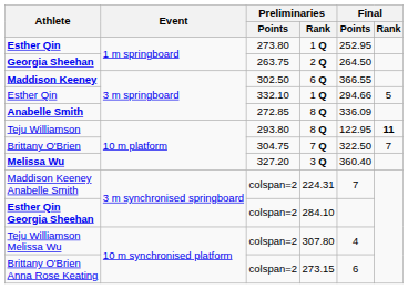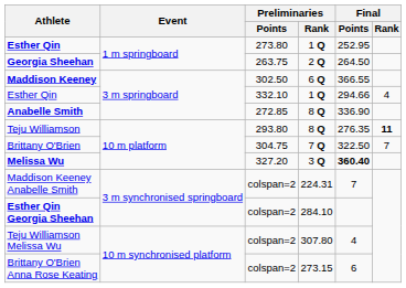 <table class=wikitable style=font-size:90%;text-align:center>
 <tr>
 <th rowspan=2>Athlete</th>
 <th rowspan=2>Event</th>
 <th colspan=2>Preliminaries</th>
 <th colspan=2>Final</th>
 </tr>
 <tr style=font-size:95%>
 <th>Points</th>
 <th>Rank</th>
 <th>Points</th>
 <th>Rank</th>
 </tr>
 <tr>
 <td align=left><strong><a href='#'>Esther Qin</a></strong></td>
 <td align=left rowspan=2><a href='#'>1 m springboard</a></td>
 <td>273.80</td>
 <td>1 <strong>Q</strong></td>
 <td>252.95</td>
 <td></td>
 </tr>
 <tr>
 <td align=left><strong><a href='#'>Georgia Sheehan</a></strong></td>
 <td>263.75</td>
 <td>2 <strong>Q</strong></td>
 <td>264.50</td>
 <td></td>
 </tr>
 <tr>
 <td align=left><strong><a href='#'>Maddison Keeney</a></strong></td>
 <td align=left rowspan=3><a href='#'>3 m springboard</a></td>
 <td>302.50</td>
 <td>6 <strong>Q</strong></td>
 <td>366.55</td>
 <td></td>
 </tr>
 <tr>
 <td align=left><a href='#'>Esther Qin</a></td>
 <td>332.10</td>
 <td>1 <strong>Q</strong></td>
 <td>294.66</td>
-<td>5</td>
+<td>4</td>
 </tr>
 <tr>
 <td align=left><strong><a href='#'>Anabelle Smith</a></strong></td>
 <td>272.85</td>
 <td>8 <strong>Q</strong></td>
-<td>336.09</td>
+<td>336.90</td>
 <td></td>
 </tr>
 <tr>
 <td align=left><a href='#'>Teju Williamson</a></td>
 <td align=left rowspan=3><a href='#'>10 m platform</a></td>
 <td>293.80</td>
 <td>8 <strong>Q</strong></td>
-<td>122.95</td>
+<td>276.35</td>
 <td><strong>11</strong></td>
 </tr>
 <tr>
 <td align=left><a href='#'>Brittany O'Brien</a></td>
 <td>304.75</td>
 <td>7 <strong>Q</strong></td>
 <td>322.50</td>
 <td>7</td>
 </tr>
 <tr>
 <td align=left><strong><a href='#'>Melissa Wu</a></strong></td>
 <td>327.20</td>
 <td>3 <strong>Q</strong></td>
-<td>360.40</td>
+<td><strong>360.40</strong></td>
 <td></td>
 </tr>
 <tr>
 <td align=left><a href='#'>Maddison Keeney</a><br><a href='#'>Anabelle Smith</a></td>
 <td align=left rowspan=2><a href='#'>3 m synchronised springboard</a></td>
 <td>colspan=2 </td>
 <td>224.31</td>
 <td>7</td>
 </tr>
 <tr>
 <td align=left><strong><a href='#'>Esther Qin</a></strong><br><strong><a href='#'>Georgia Sheehan</a></strong></td>
 <td>colspan=2 </td>
 <td>284.10</td>
 <td></td>
 </tr>
 <tr>
 <td align=left><a href='#'>Teju Williamson</a><br><a href='#'>Melissa Wu</a></td>
 <td align=left rowspan=2><a href='#'>10 m synchronised platform</a></td>
 <td>colspan=2 </td>
 <td>307.80</td>
 <td>4</td>
 </tr>
 <tr>
 <td align=left><a href='#'>Brittany O'Brien</a> <br><a href='#'>Anna Rose Keating</a></td>
 <td>colspan=2 </td>
 <td>273.15</td>
 <td>6</td>
 </tr>
 </table>
